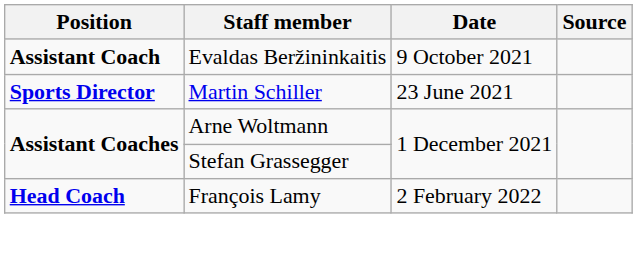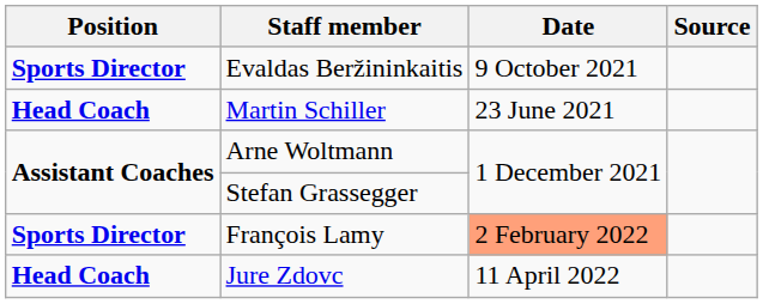 <table class="wikitable">
 <tr>
 <th>Position</th>
 <th>Staff member</th>
 <th>Date</th>
 <th>Source</th>
 </tr>
 <tr>
-<td><strong>Assistant Coach</strong></td>
+<td><strong><a href='#'>Sports Director</a></strong></td>
 <td> Evaldas Beržininkaitis</td>
 <td>9 October 2021</td>
 <td></td>
 </tr>
 <tr>
-<td><strong><a href='#'>Sports Director</a></strong></td>
+<td><strong><a href='#'>Head Coach</a></strong></td>
 <td> <a href='#'>Martin Schiller</a></td>
 <td>23 June 2021</td>
 <td></td>
 </tr>
 <tr>
 <td rowspan=2><strong>Assistant Coaches</strong></td>
 <td> Arne Woltmann</td>
 <td rowspan=2>1 December 2021</td>
 <td rowspan=2></td>
 </tr>
 <tr>
 <td> Stefan Grassegger</td>
 </tr>
 <tr>
+<td><strong><a href='#'>Sports Director</a></strong></td>
+<td> François Lamy</td>
+<td style="background: lightsalmon;">2 February 2022</td>
+<td></td>
+</tr>
+<tr>
 <td><strong><a href='#'>Head Coach</a></strong></td>
-<td> François Lamy</td>
-<td>2 February 2022</td>
+<td> <a href='#'>Jure Zdovc</a></td>
+<td>11 April 2022</td>
 <td></td>
 </tr>
 </table>
